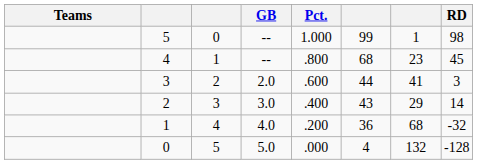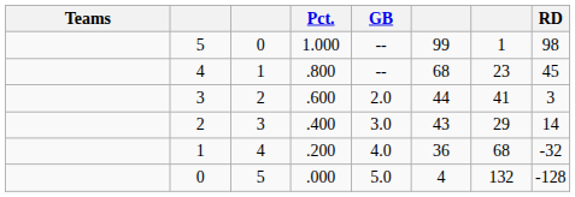 <table class="wikitable" style="text-align:center;">
 <tr>
 <th width="150px">Teams</th>
 <th width="50px"></th>
 <th width="50px"></th>
+<th width="50px"><a href='#'>Pct.</a></th>
 <th width="50px"><a href='#'>GB</a></th>
-<th width="50px"><a href='#'>Pct.</a></th>
 <th width="50px"></th>
 <th width="50px"></th>
 <th>RD</th>
 </tr>
 <tr style="background-color:">
 <td align="left"></td>
 <td>5</td>
 <td>0</td>
+<td>1.000</td>
 <td>--</td>
-<td>1.000</td>
 <td>99</td>
 <td>1</td>
 <td>98</td>
 </tr>
 <tr style="background-color:">
 <td align="left"></td>
 <td>4</td>
 <td>1</td>
+<td>.800</td>
 <td>--</td>
-<td>.800</td>
 <td>68</td>
 <td>23</td>
 <td>45</td>
 </tr>
 <tr style="background-color:">
 <td align="left"></td>
 <td>3</td>
 <td>2</td>
+<td>.600</td>
 <td>2.0</td>
-<td>.600</td>
 <td>44</td>
 <td>41</td>
 <td>3</td>
 </tr>
 <tr style="background-color:">
 <td align="left"></td>
 <td>2</td>
 <td>3</td>
+<td>.400</td>
 <td>3.0</td>
-<td>.400</td>
 <td>43</td>
 <td>29</td>
 <td>14</td>
 </tr>
 <tr style="background-color:">
 <td align="left"></td>
 <td>1</td>
 <td>4</td>
+<td>.200</td>
 <td>4.0</td>
-<td>.200</td>
 <td>36</td>
 <td>68</td>
 <td>-32</td>
 </tr>
 <tr style="background-color:">
 <td align="left"></td>
 <td>0</td>
 <td>5</td>
+<td>.000</td>
 <td>5.0</td>
-<td>.000</td>
 <td>4</td>
 <td>132</td>
 <td>-128</td>
 </tr>
 </table>
